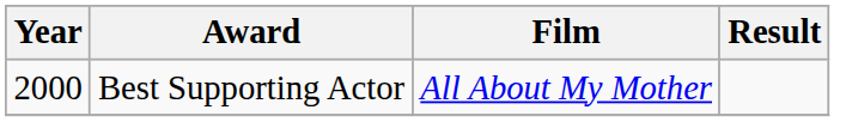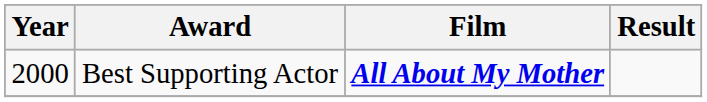 <table class="wikitable sortable">
 <tr>
 <th>Year</th>
 <th>Award</th>
 <th>Film</th>
 <th>Result</th>
 </tr>
 <tr>
 <td>2000</td>
 <td>Best Supporting Actor</td>
-<td><em><a href='#'>All About My Mother</a></em></td>
+<td><strong><em><a href='#'>All About My Mother</a></em></strong></td>
 <td></td>
 </tr>
 <tr>
 </tr>
 </table>
